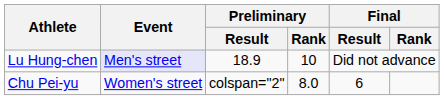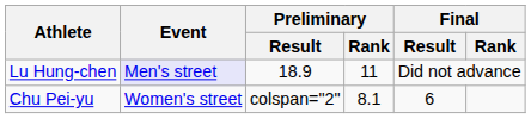 <table class="wikitable" style="font-size:90%; text-align:center">
 <tr>
 <th rowspan="2">Athlete</th>
 <th rowspan="2">Event</th>
 <th colspan="2">Preliminary</th>
 <th colspan="2">Final</th>
 </tr>
 <tr>
 <th>Result</th>
 <th>Rank</th>
 <th>Result</th>
 <th>Rank</th>
 </tr>
 <tr>
 <td align="left"><a href='#'>Lu Hung-chen</a></td>
 <td align="left" style="background: lavender;"><a href='#'>Men's street</a></td>
 <td>18.9</td>
-<td>10</td>
+<td>11</td>
 <td colspan="2">Did not advance</td>
 </tr>
 <tr>
 <td align="left"><a href='#'>Chu Pei-yu</a></td>
 <td align="left"><a href='#'>Women's street</a></td>
 <td>colspan="2" </td>
-<td>8.0</td>
+<td>8.1</td>
 <td>6</td>
 </tr>
 </table>
